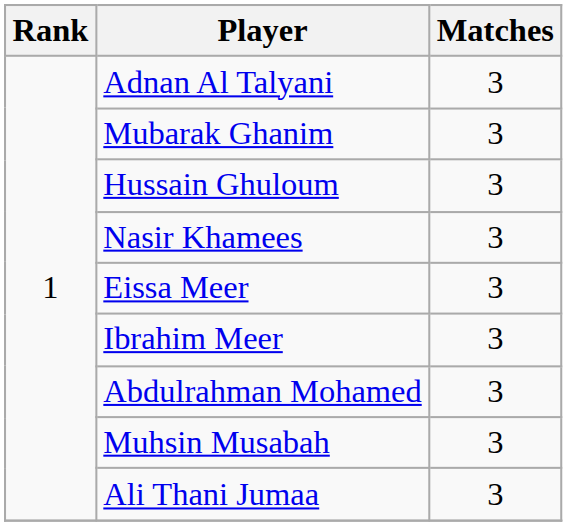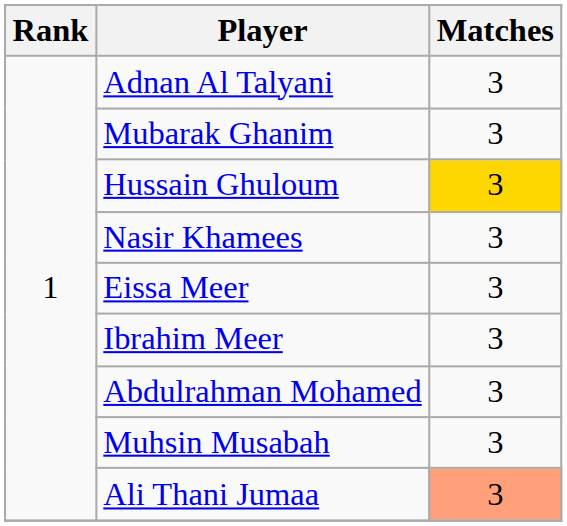 <table class="wikitable" style="text-align: left;">
 <tr>
 <th>Rank</th>
 <th>Player</th>
 <th>Matches</th>
 </tr>
 <tr>
 <td rowspan=9 align=center>1</td>
 <td><a href='#'>Adnan Al Talyani</a></td>
 <td align=center>3</td>
 </tr>
 <tr>
 <td><a href='#'>Mubarak Ghanim</a></td>
 <td align=center>3</td>
 </tr>
 <tr>
 <td><a href='#'>Hussain Ghuloum</a></td>
-<td align=center>3</td>
+<td align=center style="background: gold;">3</td>
 </tr>
 <tr>
 <td><a href='#'>Nasir Khamees</a></td>
 <td align=center>3</td>
 </tr>
 <tr>
 <td><a href='#'>Eissa Meer</a></td>
 <td align=center>3</td>
 </tr>
 <tr>
 <td><a href='#'>Ibrahim Meer</a></td>
 <td align=center>3</td>
 </tr>
 <tr>
 <td><a href='#'>Abdulrahman Mohamed</a></td>
 <td align=center>3</td>
 </tr>
 <tr>
 <td><a href='#'>Muhsin Musabah</a></td>
 <td align=center>3</td>
 </tr>
 <tr>
 <td><a href='#'>Ali Thani Jumaa</a></td>
-<td align=center>3</td>
+<td align=center style="background: lightsalmon;">3</td>
 </tr>
 <tr>
 </tr>
 </table>
